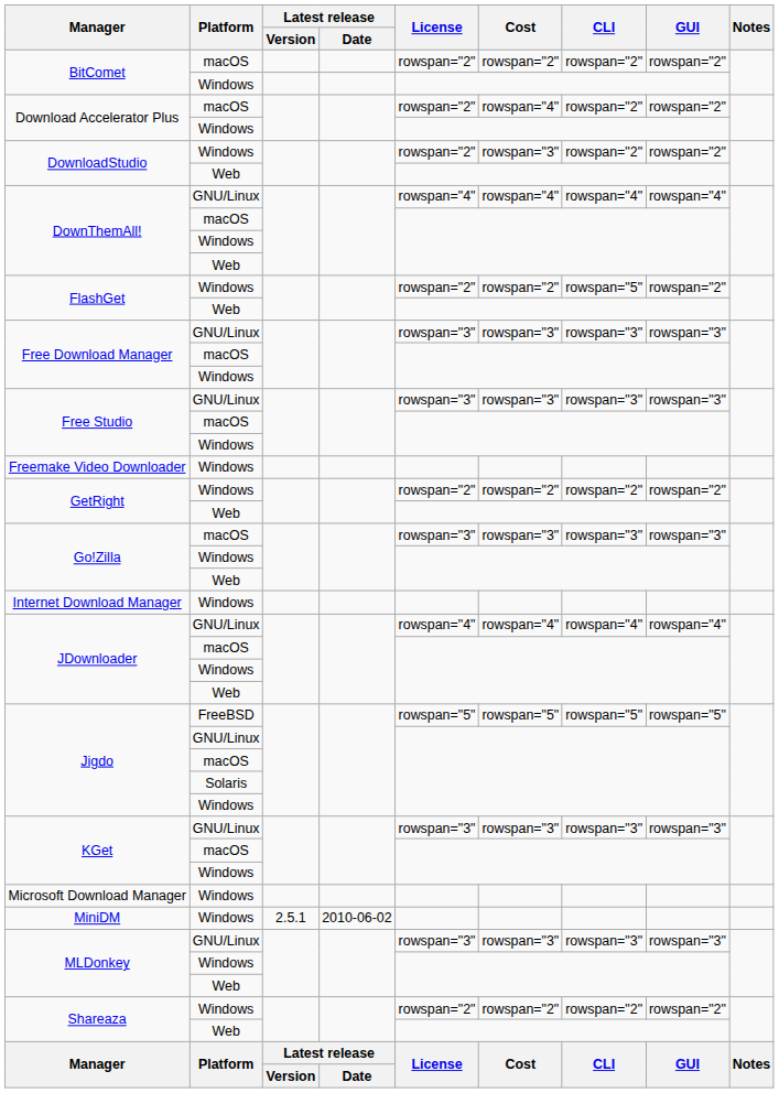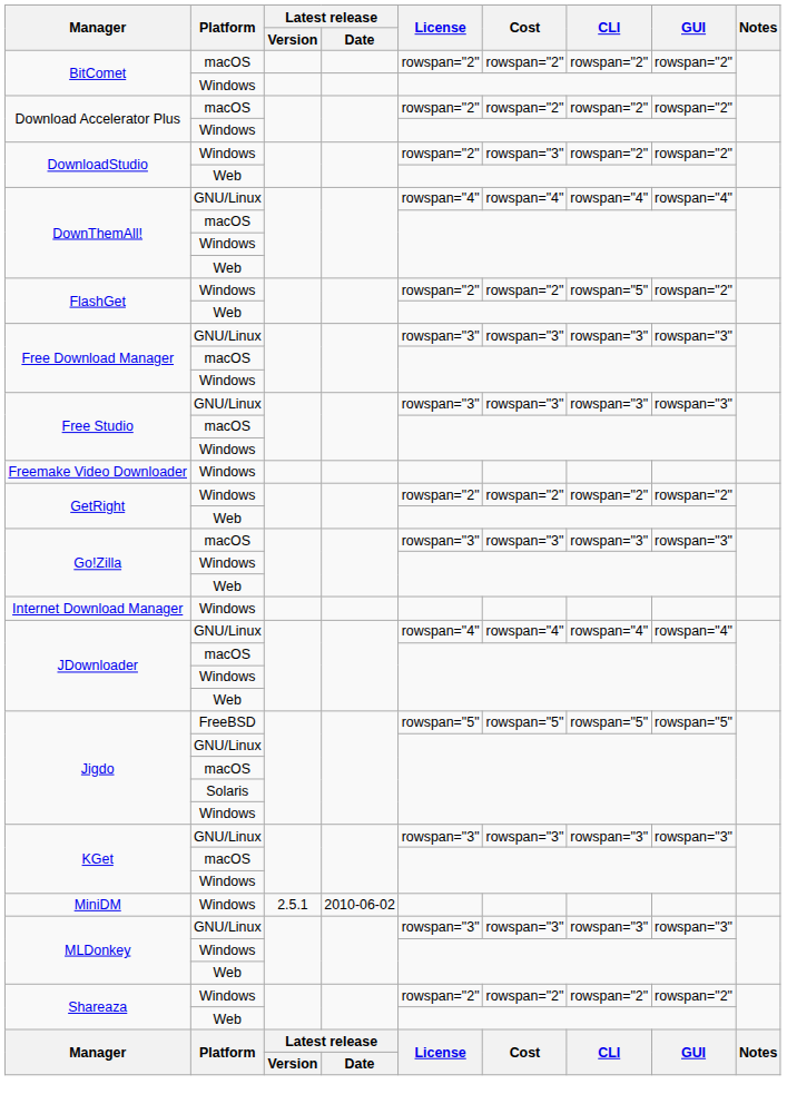 <table style="font-size: 80%; text-align: center;" class="wikitable sortable">
 <tr>
 <th rowspan="2">Manager</th>
 <th rowspan="2">Platform</th>
 <th colspan="2">Latest release</th>
 <th rowspan="2"><a href='#'>License</a></th>
 <th rowspan="2">Cost</th>
 <th rowspan="2"><a href='#'>CLI</a></th>
 <th rowspan="2"><a href='#'>GUI</a></th>
 <th rowspan="2">Notes</th>
 </tr>
 <tr>
 <th>Version </th>
 <th>Date </th>
 </tr>
 <tr>
 <td rowspan="2" ><a href='#'>BitComet</a></td>
 <td>macOS</td>
 <td></td>
 <td></td>
 <td>rowspan="2" </td>
 <td>rowspan="2" </td>
 <td>rowspan="2" </td>
 <td>rowspan="2" </td>
 <td rowspan="2"></td>
 </tr>
 <tr>
 <td>Windows</td>
 <td></td>
 <td></td>
 </tr>
 <tr>
 <td rowspan="2" >Download Accelerator Plus</td>
 <td>macOS</td>
 <td rowspan="2"></td>
 <td rowspan="2"></td>
 <td>rowspan="2" </td>
-<td>rowspan="4" </td>
+<td>rowspan="2" </td>
 <td>rowspan="2" </td>
 <td>rowspan="2" </td>
 <td rowspan="2"></td>
 </tr>
 <tr>
 <td>Windows</td>
 </tr>
 <tr>
 <td rowspan="2" ><a href='#'>DownloadStudio</a></td>
 <td>Windows</td>
 <td rowspan="2"></td>
 <td rowspan="2"></td>
 <td>rowspan="2" </td>
 <td>rowspan="3" </td>
 <td>rowspan="2" </td>
 <td>rowspan="2" </td>
 <td rowspan="2"></td>
 </tr>
 <tr>
 <td>Web</td>
 </tr>
 <tr>
 <td rowspan="4" ><a href='#'>DownThemAll!</a></td>
 <td>GNU/Linux</td>
 <td rowspan="4"></td>
 <td rowspan="4"></td>
 <td>rowspan="4" </td>
 <td>rowspan="4" </td>
 <td>rowspan="4" </td>
 <td>rowspan="4" </td>
 <td rowspan="4"></td>
 </tr>
 <tr>
 <td>macOS</td>
 </tr>
 <tr>
 <td>Windows</td>
 </tr>
 <tr>
 <td>Web</td>
 </tr>
 <tr>
 <td rowspan="2" ><a href='#'>FlashGet</a></td>
 <td>Windows</td>
 <td rowspan="2"></td>
 <td rowspan="2"></td>
 <td>rowspan="2" </td>
 <td>rowspan="2" </td>
 <td>rowspan="5" </td>
 <td>rowspan="2" </td>
 <td rowspan="2"></td>
 </tr>
 <tr>
 <td>Web</td>
 </tr>
 <tr>
 <td rowspan="3" ><a href='#'>Free Download Manager</a></td>
 <td>GNU/Linux</td>
 <td rowspan="3"></td>
 <td rowspan="3"></td>
 <td>rowspan="3" </td>
 <td>rowspan="3" </td>
 <td>rowspan="3" </td>
 <td>rowspan="3" </td>
 <td rowspan="3"></td>
 </tr>
 <tr>
 <td>macOS</td>
 </tr>
 <tr>
 <td>Windows</td>
 </tr>
 <tr>
 <td rowspan="3" ><a href='#'>Free Studio</a></td>
 <td>GNU/Linux</td>
 <td rowspan="3"></td>
 <td rowspan="3"></td>
 <td>rowspan="3" </td>
 <td>rowspan="3" </td>
 <td>rowspan="3" </td>
 <td>rowspan="3" </td>
 <td rowspan="3"></td>
 </tr>
 <tr>
 <td>macOS</td>
 </tr>
 <tr>
 <td>Windows</td>
 </tr>
 <tr>
 <td><a href='#'>Freemake Video Downloader</a></td>
 <td>Windows</td>
 <td></td>
 <td></td>
 <td></td>
 <td></td>
 <td></td>
 <td></td>
 <td></td>
 </tr>
 <tr>
 <td rowspan="2" ><a href='#'>GetRight</a></td>
 <td>Windows</td>
 <td rowspan="2"></td>
 <td rowspan="2"></td>
 <td>rowspan="2" </td>
 <td>rowspan="2" </td>
 <td>rowspan="2" </td>
 <td>rowspan="2" </td>
 <td rowspan="2"></td>
 </tr>
 <tr>
 <td>Web</td>
 </tr>
 <tr>
 <td rowspan="3" ><a href='#'>Go!Zilla</a></td>
 <td>macOS</td>
 <td rowspan="3"></td>
 <td rowspan="3"></td>
 <td>rowspan="3" </td>
 <td>rowspan="3" </td>
 <td>rowspan="3" </td>
 <td>rowspan="3" </td>
 <td rowspan="3"></td>
 </tr>
 <tr>
 <td>Windows</td>
 </tr>
 <tr>
 <td>Web</td>
 </tr>
 <tr>
 <td><a href='#'>Internet Download Manager</a></td>
 <td>Windows</td>
 <td></td>
 <td></td>
 <td></td>
 <td></td>
 <td></td>
 <td></td>
 <td></td>
 </tr>
 <tr>
 <td rowspan="4" ><a href='#'>JDownloader</a></td>
 <td>GNU/Linux</td>
 <td rowspan="4"></td>
 <td rowspan="4"></td>
 <td>rowspan="4" </td>
 <td>rowspan="4" </td>
 <td>rowspan="4" </td>
 <td>rowspan="4" </td>
 <td rowspan="4"></td>
 </tr>
 <tr>
 <td>macOS</td>
 </tr>
 <tr>
 <td>Windows</td>
 </tr>
 <tr>
 <td>Web</td>
 </tr>
 <tr>
 <td rowspan="5" ><a href='#'>Jigdo</a></td>
 <td>FreeBSD</td>
 <td rowspan="5"></td>
 <td rowspan="5"></td>
 <td>rowspan="5" </td>
 <td>rowspan="5" </td>
 <td>rowspan="5" </td>
 <td>rowspan="5" </td>
 <td rowspan="5"></td>
 </tr>
 <tr>
 <td>GNU/Linux</td>
 </tr>
 <tr>
 <td>macOS</td>
 </tr>
 <tr>
 <td>Solaris</td>
 </tr>
 <tr>
 <td>Windows</td>
 </tr>
 <tr>
 <td rowspan="3" ><a href='#'>KGet</a></td>
 <td>GNU/Linux</td>
 <td rowspan="3"></td>
 <td rowspan="3"></td>
 <td>rowspan="3" </td>
 <td>rowspan="3" </td>
 <td>rowspan="3" </td>
 <td>rowspan="3" </td>
 <td rowspan="3"></td>
 </tr>
 <tr>
 <td>macOS</td>
 </tr>
 <tr>
 <td>Windows</td>
 </tr>
 <tr>
-<td>Microsoft Download Manager</td>
-<td>Windows</td>
-<td></td>
-<td></td>
-<td></td>
-<td></td>
-<td></td>
-<td></td>
-<td></td>
-</tr>
-<tr>
 <td><a href='#'>MiniDM</a></td>
 <td>Windows</td>
 <td>2.5.1</td>
 <td>2010-06-02</td>
 <td></td>
 <td></td>
 <td></td>
 <td></td>
 <td></td>
 </tr>
 <tr>
 <td rowspan="3" ><a href='#'>MLDonkey</a></td>
 <td>GNU/Linux</td>
 <td rowspan="3"></td>
 <td rowspan="3"></td>
 <td>rowspan="3" </td>
 <td>rowspan="3" </td>
 <td>rowspan="3" </td>
 <td>rowspan="3" </td>
 <td rowspan="3"></td>
 </tr>
 <tr>
 <td>Windows</td>
 </tr>
 <tr>
 <td>Web</td>
 </tr>
 <tr>
 <td rowspan="2" ><a href='#'>Shareaza</a></td>
 <td>Windows</td>
 <td rowspan="2"></td>
 <td rowspan="2"></td>
 <td>rowspan="2" </td>
 <td>rowspan="2" </td>
 <td>rowspan="2" </td>
 <td>rowspan="2" </td>
 <td rowspan="2"></td>
 </tr>
 <tr>
 <td>Web</td>
 </tr>
 <tr class="sortbottom">
 <th rowspan="2">Manager</th>
 <th rowspan="2">Platform</th>
 <th colspan="2">Latest release</th>
 <th rowspan="2"><a href='#'>License</a></th>
 <th rowspan="2">Cost</th>
 <th rowspan="2"><a href='#'>CLI</a></th>
 <th rowspan="2"><a href='#'>GUI</a></th>
 <th rowspan="2">Notes</th>
 </tr>
 <tr>
 <th>Version</th>
 <th>Date</th>
 </tr>
 </table>
